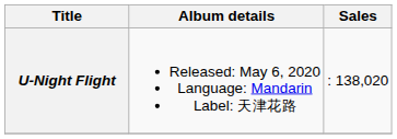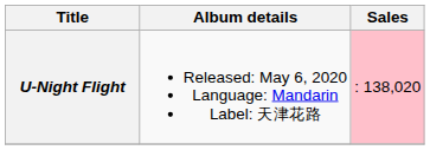 <table class="wikitable plainrowheaders" style="text-align:center;">
 <tr>
 <th scope="col" style="width:8em;">Title</th>
 <th scope="col">Album details</th>
 <th scope="col">Sales</th>
 </tr>
 <tr>
 <th scope="row"><em>U-Night Flight</em></th>
 <td><br><ul><li>Released: May 6, 2020</li><li>Language: <a href='#'>Mandarin</a></li><li>Label: 天津花路</li></ul></td>
-<td>: 138,020</td>
+<td style="background: pink;">: 138,020</td>
 </tr>
 <tr>
 </tr>
 </table>
